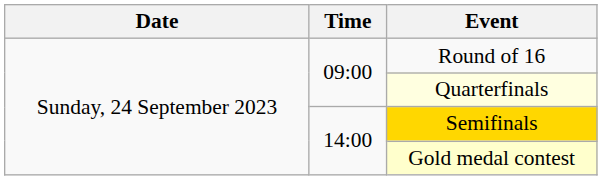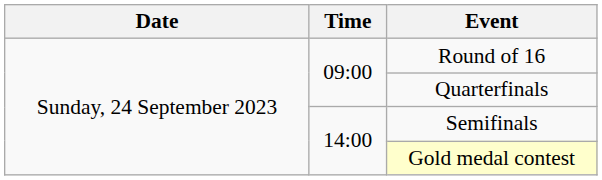 <table class = "wikitable" style="text-align:center;">
 <tr>
 <th width=220>Date</th>
 <th width=50>Time</th>
 <th width=150>Event</th>
 </tr>
 <tr>
 <td rowspan=4>Sunday, 24 September 2023</td>
 <td rowspan=2>09:00</td>
 <td>Round of 16</td>
 </tr>
 <tr>
-<td style="background: lightyellow;">Quarterfinals</td>
+<td>Quarterfinals</td>
 </tr>
 <tr>
 <td rowspan=2>14:00</td>
-<td style="background: gold;">Semifinals</td>
+<td>Semifinals</td>
 </tr>
 <tr>
 <td bgcolor=ffffcc>Gold medal contest</td>
 </tr>
 </table>
